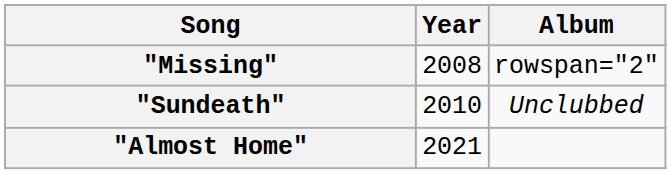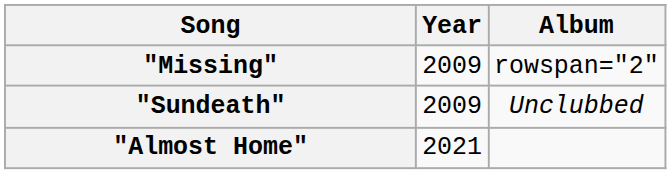 <table class="wikitable plainrowheaders" style="text-align:center;" border="1">
 <tr>
 <th scope="col" style="width:16em;">Song</th>
 <th scope="col">Year</th>
 <th scope="col">Album</th>
 </tr>
 <tr>
 <th scope="row">"Missing"<br></th>
-<td>2008</td>
+<td>2009</td>
 <td>rowspan="2" </td>
 </tr>
 <tr>
 <th scope="row">"Sundeath"<br></th>
-<td>2010</td>
+<td>2009</td>
 <td><em>Unclubbed</em></td>
 </tr>
 <tr>
 <th scope="row">"Almost Home" <br></th>
 <td>2021</td>
 </tr>
 </table>
